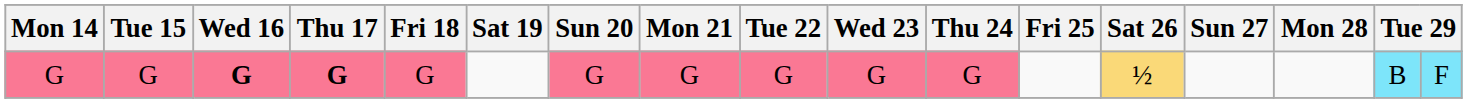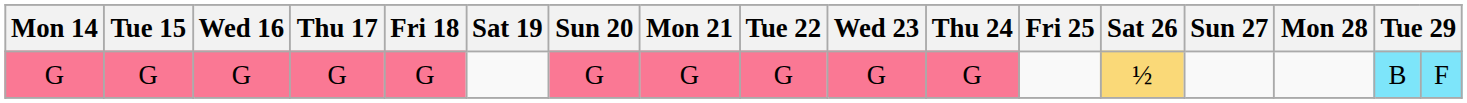 <table class="wikitable" style="margin:0.5em auto; font-size:90%; line-height:1.25em; text-align:center">
 <tr>
 <th>Mon 14</th>
 <th>Tue 15</th>
 <th>Wed 16</th>
 <th>Thu 17</th>
 <th>Fri 18</th>
 <th>Sat 19</th>
 <th>Sun 20</th>
 <th>Mon 21</th>
 <th>Tue 22</th>
 <th>Wed 23</th>
 <th>Thu 24</th>
 <th>Fri 25</th>
 <th>Sat 26</th>
 <th>Sun 27</th>
 <th>Mon 28</th>
 <th colspan="2">Tue 29</th>
 </tr>
 <tr>
 <td bgcolor="#FA7894">G</td>
 <td bgcolor="#FA7894">G</td>
-<td bgcolor="#FA7894"><strong>G</strong></td>
-<td bgcolor="#FA7894"><strong>G</strong></td>
+<td bgcolor="#FA7894">G</td>
+<td bgcolor="#FA7894">G</td>
 <td bgcolor="#FA7894">G</td>
 <td></td>
 <td bgcolor="#FA7894">G</td>
 <td bgcolor="#FA7894">G</td>
 <td bgcolor="#FA7894">G</td>
 <td bgcolor="#FA7894">G</td>
 <td bgcolor="#FA7894">G</td>
 <td></td>
 <td bgcolor="#FAD978">½</td>
 <td></td>
 <td></td>
 <td bgcolor="#7DE5FA">B</td>
 <td bgcolor="#7DE5FA">F</td>
 </tr>
 </table>
